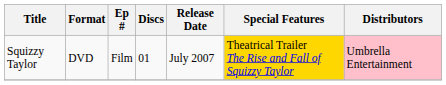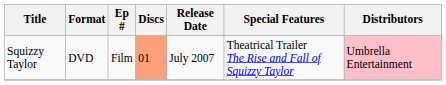 <table class="wikitable">
 <tr>
 <th>Title</th>
 <th>Format</th>
 <th>Ep #</th>
 <th>Discs</th>
 <th>Release Date</th>
 <th>Special Features</th>
 <th>Distributors</th>
 </tr>
 <tr>
 <td>Squizzy Taylor</td>
 <td>DVD</td>
 <td style="text-align:center;">Film</td>
-<td>01</td>
+<td style="background: lightsalmon;">01</td>
 <td>July 2007</td>
-<td style="background: gold;">Theatrical Trailer<br><em><a href='#'>The Rise and Fall of Squizzy Taylor</a></em></td>
+<td>Theatrical Trailer<br><em><a href='#'>The Rise and Fall of Squizzy Taylor</a></em></td>
 <td style="background: pink;">Umbrella Entertainment</td>
 </tr>
 <tr>
 </tr>
 </table>
